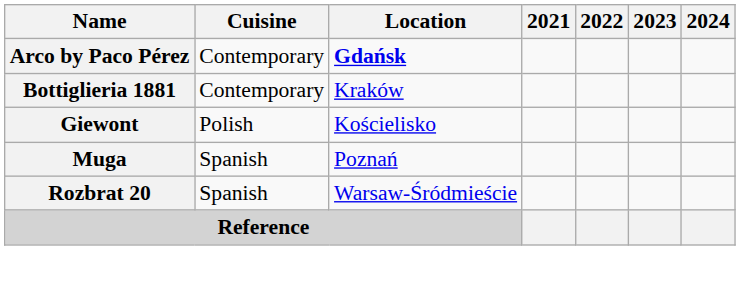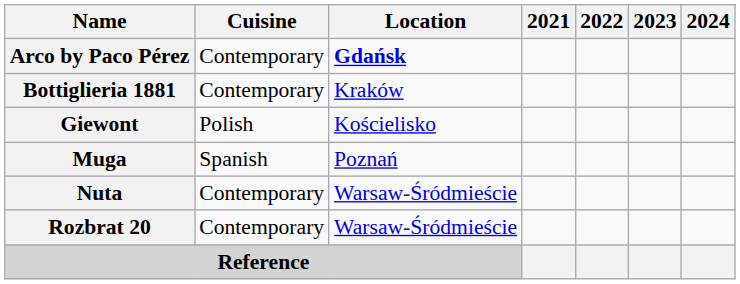 <table class="wikitable sortable plainrowheaders" style="text-align:left;"">
 <tr>
 <th scope="col">Name</th>
 <th scope="col">Cuisine</th>
 <th scope="col">Location</th>
 <th scope="col">2021</th>
 <th scope="col">2022</th>
 <th scope="col">2023</th>
 <th scope="col">2024</th>
 </tr>
 <tr>
 <th scope="row">Arco by Paco Pérez</th>
 <td>Contemporary</td>
 <td><strong><a href='#'>Gdańsk</a></strong></td>
 <td></td>
 <td></td>
 <td></td>
 <td></td>
 </tr>
 <tr>
 <th scope="row">Bottiglieria 1881</th>
 <td>Contemporary</td>
 <td><a href='#'>Kraków</a></td>
 <td></td>
 <td></td>
 <td></td>
 <td></td>
 </tr>
 <tr>
 <th scope="row">Giewont</th>
 <td>Polish</td>
 <td><a href='#'>Kościelisko</a></td>
 <td></td>
 <td></td>
 <td></td>
 <td></td>
 </tr>
 <tr>
 <th scope="row">Muga</th>
 <td>Spanish</td>
 <td><a href='#'>Poznań</a></td>
 <td></td>
 <td></td>
 <td></td>
 <td></td>
 </tr>
 <tr>
+<th scope="row">Nuta</th>
+<td>Contemporary</td>
+<td><a href='#'>Warsaw-Śródmieście</a></td>
+<td></td>
+<td></td>
+<td></td>
+<td></td>
+</tr>
+<tr>
 <th scope="row">Rozbrat 20</th>
-<td>Spanish</td>
+<td>Contemporary</td>
 <td><a href='#'>Warsaw-Śródmieście</a></td>
 <td></td>
 <td></td>
 <td></td>
 <td></td>
 </tr>
 <tr>
 <th colspan="3" style="text-align: center;background: lightgray;">Reference</th>
 <th></th>
 <th></th>
 <th></th>
 <th></th>
 </tr>
 </table>
